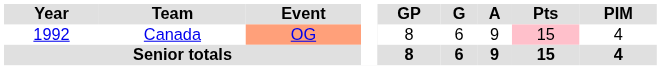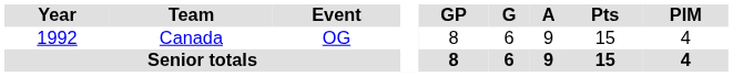 <table border="0" cellpadding="1" cellspacing="0" style="text-align:center; width:40em">
 <tr align="center" bgcolor="#e0e0e0">
 <th>Year</th>
 <th>Team</th>
 <th>Event</th>
 <th rowspan="99" bgcolor="#ffffff"> </th>
 <th>GP</th>
 <th>G</th>
 <th>A</th>
 <th>Pts</th>
 <th>PIM</th>
 </tr>
 <tr>
 <td><a href='#'>1992</a></td>
 <td><a href='#'>Canada</a></td>
-<td style="background: lightsalmon;"><a href='#'>OG</a></td>
+<td><a href='#'>OG</a></td>
 <td>8</td>
 <td>6</td>
 <td>9</td>
-<td style="background: pink;">15</td>
+<td>15</td>
 <td>4</td>
 </tr>
 <tr style="background:#e0e0e0;">
 <th colspan="3">Senior totals</th>
 <th>8</th>
 <th>6</th>
 <th>9</th>
 <th>15</th>
 <th>4</th>
 </tr>
 </table>
